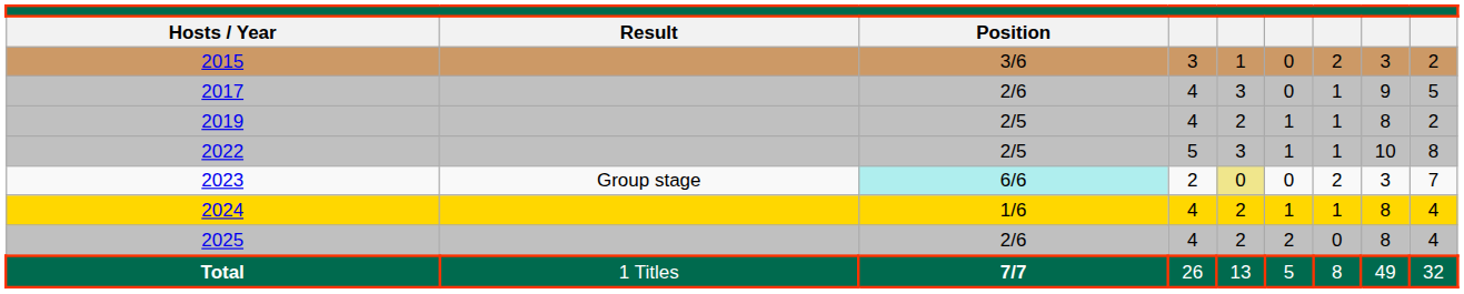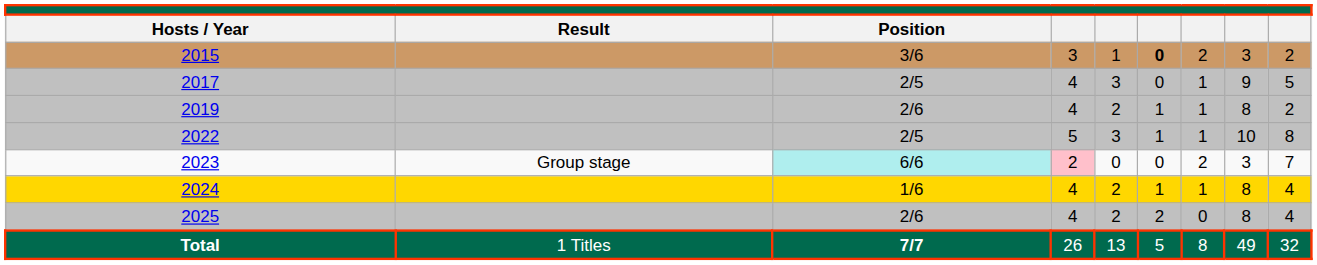 <table class="wikitable" style="text-align: center;font-size:90%; width:70%;">
 <tr>
 <th colspan=10 style="background: #006a4e;border: 2px solid #ff3300;color: #FFFFFF;"><a href='#'></a></th>
 </tr>
 <tr>
 <th>Hosts / Year</th>
 <th>Result</th>
 <th>Position</th>
 <th width=30></th>
 <th width=30></th>
 <th width=30></th>
 <th width=30></th>
 <th width=30></th>
 <th width=30></th>
 </tr>
 <tr bgcolor="#cc9966">
 <td> <a href='#'>2015</a></td>
 <td></td>
 <td>3/6</td>
 <td>3</td>
 <td>1</td>
-<td>0</td>
+<td><strong>0</strong></td>
 <td>2</td>
 <td>3</td>
 <td>2</td>
 </tr>
 <tr bgcolor=Silver>
 <td> <a href='#'>2017</a></td>
 <td></td>
-<td>2/6</td>
+<td>2/5</td>
 <td>4</td>
 <td>3</td>
 <td>0</td>
 <td>1</td>
 <td>9</td>
 <td>5</td>
 </tr>
 <tr bgcolor=Silver>
 <td> <a href='#'>2019</a></td>
 <td></td>
-<td>2/5</td>
+<td>2/6</td>
 <td>4</td>
 <td>2</td>
 <td>1</td>
 <td>1</td>
 <td>8</td>
 <td>2</td>
 </tr>
 <tr bgcolor=Silver>
 <td> <a href='#'>2022</a></td>
 <td></td>
 <td>2/5</td>
 <td>5</td>
 <td>3</td>
 <td>1</td>
 <td>1</td>
 <td>10</td>
 <td>8</td>
 </tr>
 <tr>
 <td> <a href='#'>2023</a></td>
 <td>Group stage</td>
 <td style="background: paleturquoise;">6/6</td>
-<td>2</td>
-<td style="background: khaki;">0</td>
+<td style="background: pink;">2</td>
+<td>0</td>
 <td>0</td>
 <td>2</td>
 <td>3</td>
 <td>7</td>
 </tr>
 <tr bgcolor=Gold>
 <td> <a href='#'>2024</a></td>
 <td><strong></strong></td>
 <td>1/6</td>
 <td>4</td>
 <td>2</td>
 <td>1</td>
 <td>1</td>
 <td>8</td>
 <td>4</td>
 </tr>
 <tr bgcolor=Silver>
 <td> <a href='#'>2025</a></td>
 <td></td>
 <td>2/6</td>
 <td>4</td>
 <td>2</td>
 <td>2</td>
 <td>0</td>
 <td>8</td>
 <td>4</td>
 </tr>
 <tr>
 <td style="background: #006a4e;border: 2px solid #ff3300;color:white; "><strong>Total</strong></td>
 <td style="background: #006a4e;border: 2px solid #ff3300;color:white; ">1 Titles</td>
 <td style="background: #006a4e;border: 2px solid #ff3300;color:white; "><strong>7/7</strong></td>
 <td style="background: #006a4e;border: 2px solid #ff3300;color:white; ">26</td>
 <td style="background: #006a4e;border: 2px solid #ff3300;color:white; ">13</td>
 <td style="background: #006a4e;border: 2px solid #ff3300;color:white; ">5</td>
 <td style="background: #006a4e;border: 2px solid #ff3300;color:white; ">8</td>
 <td style="background: #006a4e;border: 2px solid #ff3300;color:white; ">49</td>
 <td style="background: #006a4e;border: 2px solid #ff3300;color:white; ">32</td>
 </tr>
 </table>
